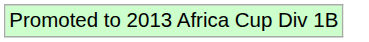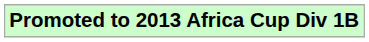 <table class="wikitable">
 <tr>
 </tr>
 <tr width=10px bgcolor="#ccffcc">
-<td>Promoted to 2013 Africa Cup Div 1B</td>
+<td><strong>Promoted to 2013 Africa Cup Div 1B</strong></td>
 </tr>
 <tr>
 </tr>
 </table>
